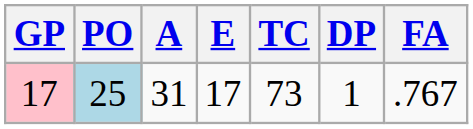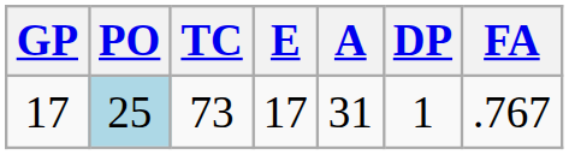 <table class="wikitable">
 <tr>
 <th><a href='#'>GP</a></th>
 <th><a href='#'>PO</a></th>
+<th><a href='#'>TC</a></th>
+<th><a href='#'>E</a></th>
 <th><a href='#'>A</a></th>
-<th><a href='#'>E</a></th>
-<th><a href='#'>TC</a></th>
 <th><a href='#'>DP</a></th>
 <th><a href='#'>FA</a></th>
 </tr>
 <tr align=center>
-<td style="background: pink;">17</td>
+<td>17</td>
 <td style="background: lightblue;">25</td>
+<td>73</td>
+<td>17</td>
 <td>31</td>
-<td>17</td>
-<td>73</td>
 <td>1</td>
 <td>.767</td>
 </tr>
 </table>
